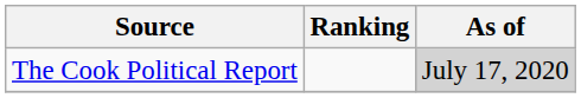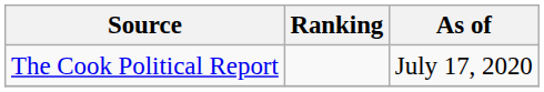 <table class="wikitable" style="text-align:center">
 <tr>
 <th>Source</th>
 <th>Ranking</th>
 <th>As of</th>
 </tr>
 <tr>
 <td align=left><a href='#'>The Cook Political Report</a></td>
 <td></td>
-<td style="background: lightgrey;">July 17, 2020</td>
+<td>July 17, 2020</td>
 </tr>
 <tr>
 </tr>
 </table>
